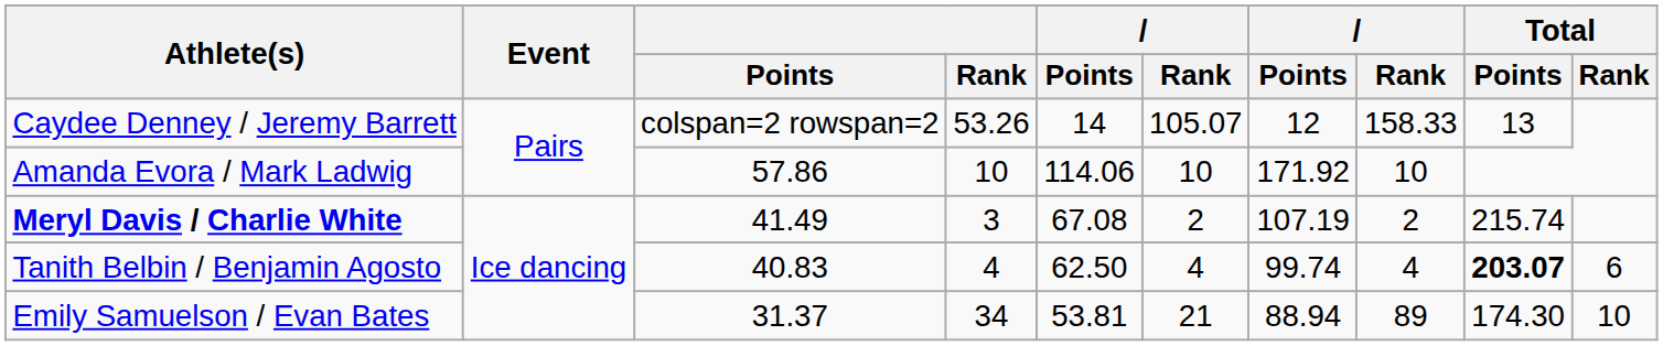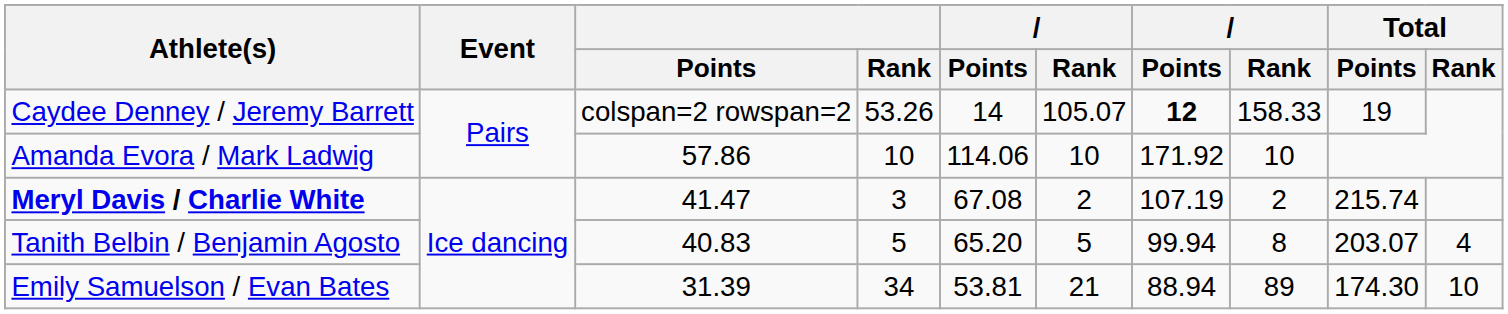 <table class=wikitable style=font-size:90%;text-align:center>
 <tr>
 <th rowspan=2>Athlete(s)</th>
 <th rowspan=2>Event</th>
 <th colspan=2></th>
 <th colspan=2>/</th>
 <th colspan=2>/</th>
 <th colspan=2>Total</th>
 </tr>
 <tr style=font-size:95%>
 <th>Points</th>
 <th>Rank</th>
 <th>Points</th>
 <th>Rank</th>
 <th>Points</th>
 <th>Rank</th>
 <th>Points</th>
 <th>Rank</th>
 </tr>
 <tr>
 <td align=left><a href='#'>Caydee Denney</a> / <a href='#'>Jeremy Barrett</a></td>
 <td rowspan=2><a href='#'>Pairs</a></td>
 <td>colspan=2 rowspan=2 </td>
 <td>53.26</td>
 <td>14</td>
 <td>105.07</td>
-<td>12</td>
+<td><strong>12</strong></td>
 <td>158.33</td>
-<td>13</td>
+<td>19</td>
 </tr>
 <tr>
 <td align=left><a href='#'>Amanda Evora</a> / <a href='#'>Mark Ladwig</a></td>
 <td>57.86</td>
 <td>10</td>
 <td>114.06</td>
 <td>10</td>
 <td>171.92</td>
 <td>10</td>
 </tr>
 <tr>
 <td align=left><strong><a href='#'>Meryl Davis</a> / <a href='#'>Charlie White</a></strong></td>
 <td rowspan=3><a href='#'>Ice dancing</a></td>
-<td>41.49</td>
+<td>41.47</td>
 <td>3</td>
 <td>67.08</td>
 <td>2</td>
 <td>107.19</td>
 <td>2</td>
 <td>215.74</td>
 <td></td>
 </tr>
 <tr>
 <td align=left><a href='#'>Tanith Belbin</a> / <a href='#'>Benjamin Agosto</a></td>
 <td>40.83</td>
+<td>5</td>
+<td>65.20</td>
+<td>5</td>
+<td>99.94</td>
+<td>8</td>
+<td>203.07</td>
 <td>4</td>
-<td>62.50</td>
-<td>4</td>
-<td>99.74</td>
-<td>4</td>
-<td><strong>203.07</strong></td>
-<td>6</td>
 </tr>
 <tr>
 <td align=left><a href='#'>Emily Samuelson</a> / <a href='#'>Evan Bates</a></td>
-<td>31.37</td>
+<td>31.39</td>
 <td>34</td>
 <td>53.81</td>
 <td>21</td>
 <td>88.94</td>
 <td>89</td>
 <td>174.30</td>
 <td>10</td>
 </tr>
 </table>
